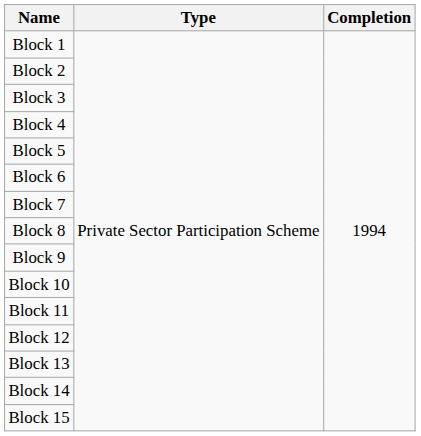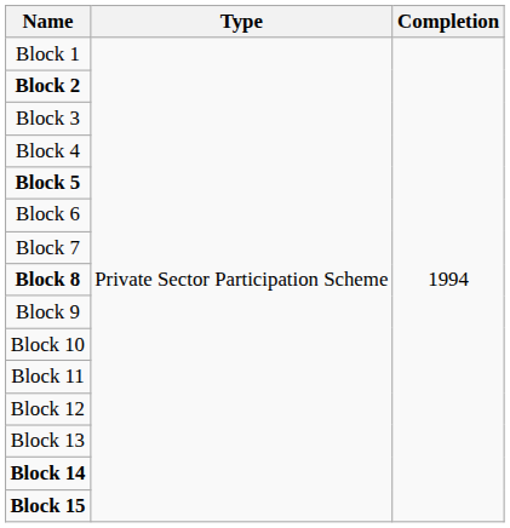 <table class="wikitable" style="text-align: center">
 <tr>
 <th>Name</th>
 <th>Type</th>
 <th>Completion</th>
 </tr>
 <tr>
 <td>Block 1</td>
 <td rowspan="15">Private Sector Participation Scheme</td>
 <td rowspan="15">1994</td>
 </tr>
 <tr>
-<td>Block 2</td>
+<td><strong>Block 2</strong></td>
 </tr>
 <tr>
 <td>Block 3</td>
 </tr>
 <tr>
 <td>Block 4</td>
 </tr>
 <tr>
-<td>Block 5</td>
+<td><strong>Block 5</strong></td>
 </tr>
 <tr>
 <td>Block 6</td>
 </tr>
 <tr>
 <td>Block 7</td>
 </tr>
 <tr>
-<td>Block 8</td>
+<td><strong>Block 8</strong></td>
 </tr>
 <tr>
 <td>Block 9</td>
 </tr>
 <tr>
 <td>Block 10</td>
 </tr>
 <tr>
 <td>Block 11</td>
 </tr>
 <tr>
 <td>Block 12</td>
 </tr>
 <tr>
 <td>Block 13</td>
 </tr>
 <tr>
-<td>Block 14</td>
+<td><strong>Block 14</strong></td>
 </tr>
 <tr>
-<td>Block 15</td>
+<td><strong>Block 15</strong></td>
 </tr>
 </table>
